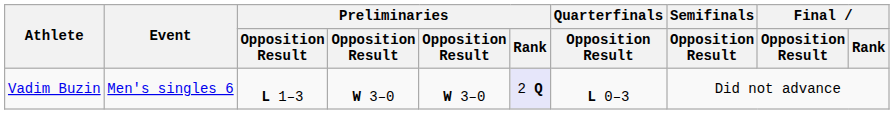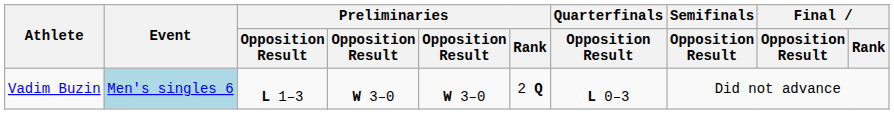 <table class=wikitable style="font-size:90%">
 <tr>
 <th rowspan="2">Athlete</th>
 <th rowspan="2">Event</th>
 <th colspan="4">Preliminaries</th>
 <th>Quarterfinals</th>
 <th>Semifinals</th>
 <th colspan="2">Final / </th>
 </tr>
 <tr>
 <th>Opposition<br>Result</th>
 <th>Opposition<br>Result</th>
 <th>Opposition<br>Result</th>
 <th>Rank</th>
 <th>Opposition<br>Result</th>
 <th>Opposition<br>Result</th>
 <th>Opposition<br>Result</th>
 <th>Rank</th>
 </tr>
 <tr>
 <td><a href='#'>Vadim Buzin</a></td>
-<td><a href='#'>Men's singles 6</a></td>
+<td style="background: lightblue;"><a href='#'>Men's singles 6</a></td>
 <td align="center"><br><strong>L</strong> 1–3</td>
 <td align="center"><br><strong>W</strong> 3–0</td>
 <td align="center"><br><strong>W</strong> 3–0</td>
-<td align="center" style="background: lavender;">2 <strong>Q</strong></td>
+<td align="center">2 <strong>Q</strong></td>
 <td align="center"><br><strong>L</strong> 0–3</td>
 <td align="center" colspan="3">Did not advance</td>
 </tr>
 </table>
